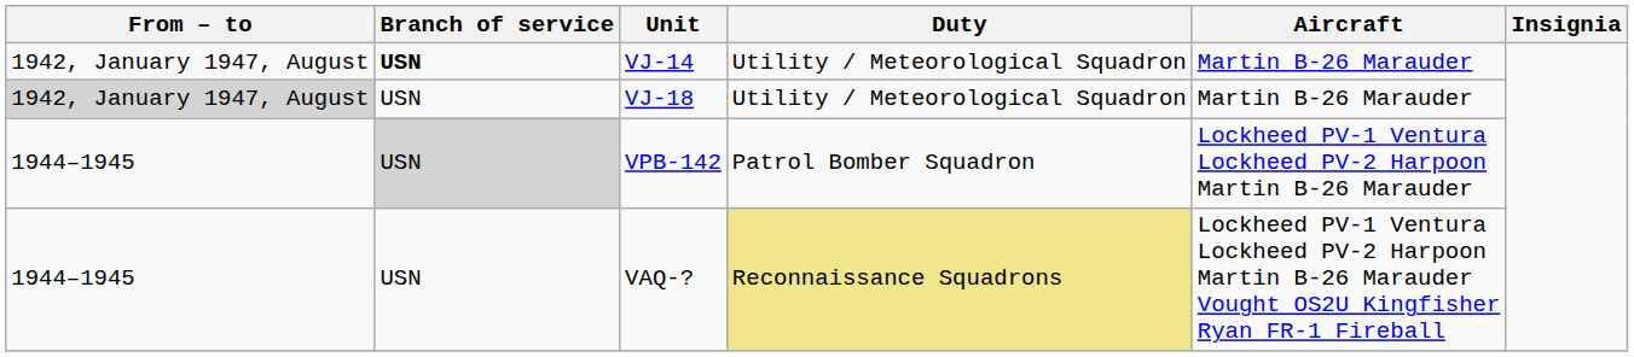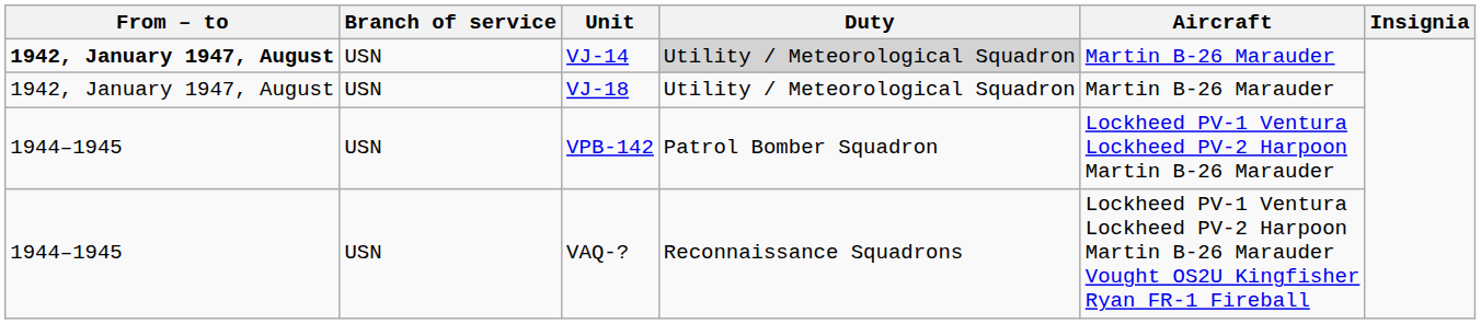 <table class="wikitable sortable">
 <tr>
 <th>From – to</th>
 <th>Branch of service</th>
 <th>Unit</th>
 <th>Duty</th>
 <th>Aircraft</th>
 <th>Insignia</th>
 </tr>
 <tr>
-<td>1942, January 1947, August</td>
-<td><strong>USN</strong></td>
+<td><strong>1942, January 1947, August</strong></td>
+<td>USN</td>
 <td><a href='#'>VJ-14</a></td>
-<td>Utility / Meteorological Squadron</td>
+<td style="background: lightgrey;">Utility / Meteorological Squadron</td>
 <td><a href='#'>Martin B-26 Marauder</a></td>
 </tr>
 <tr>
-<td style="background: lightgrey;">1942, January 1947, August</td>
+<td>1942, January 1947, August</td>
 <td>USN</td>
 <td><a href='#'>VJ-18</a></td>
 <td>Utility / Meteorological Squadron</td>
 <td>Martin B-26 Marauder</td>
 </tr>
 <tr>
 <td>1944–1945</td>
-<td style="background: lightgrey;">USN</td>
+<td>USN</td>
 <td><a href='#'>VPB-142</a></td>
 <td>Patrol Bomber Squadron</td>
 <td><a href='#'>Lockheed PV-1 Ventura</a><br><a href='#'>Lockheed PV-2 Harpoon</a> <br>Martin B-26 Marauder</td>
 </tr>
 <tr>
 <td>1944–1945</td>
 <td>USN</td>
 <td>VAQ-?</td>
-<td style="background: khaki;">Reconnaissance Squadrons</td>
+<td>Reconnaissance Squadrons</td>
 <td>Lockheed PV-1 Ventura <br> Lockheed PV-2 Harpoon<br>  Martin B-26 Marauder<br> <a href='#'>Vought OS2U Kingfisher</a><br>  <a href='#'>Ryan FR-1 Fireball</a></td>
 </tr>
 </table>
